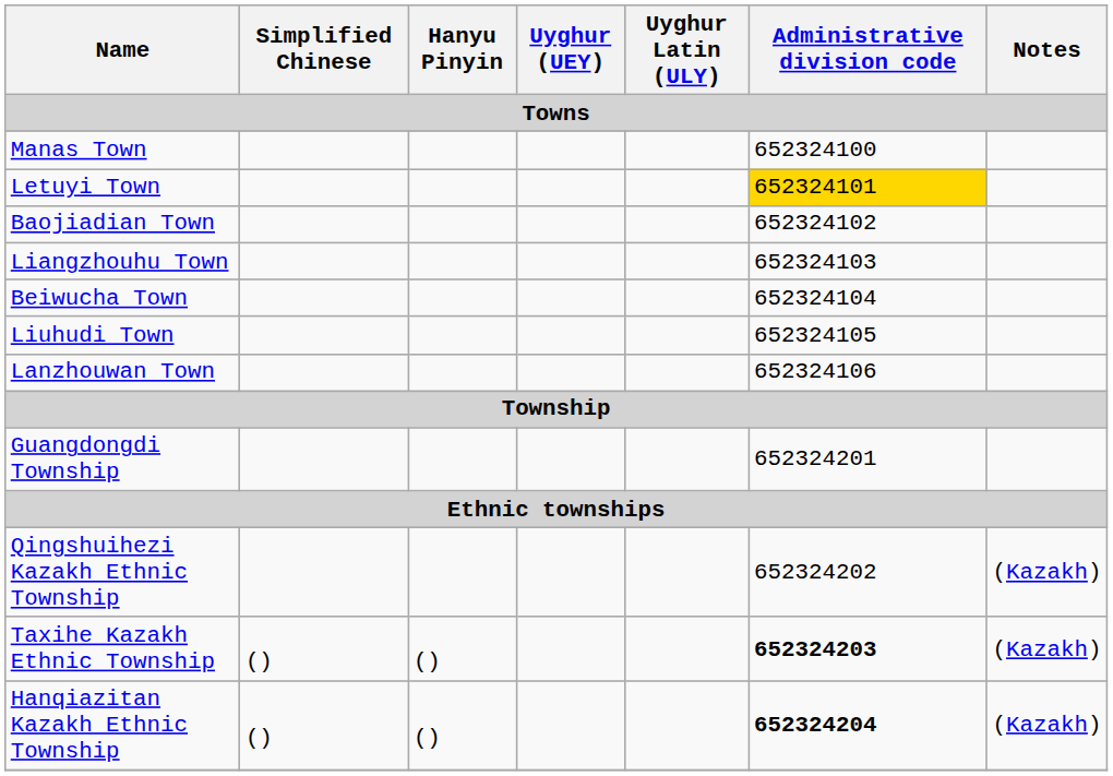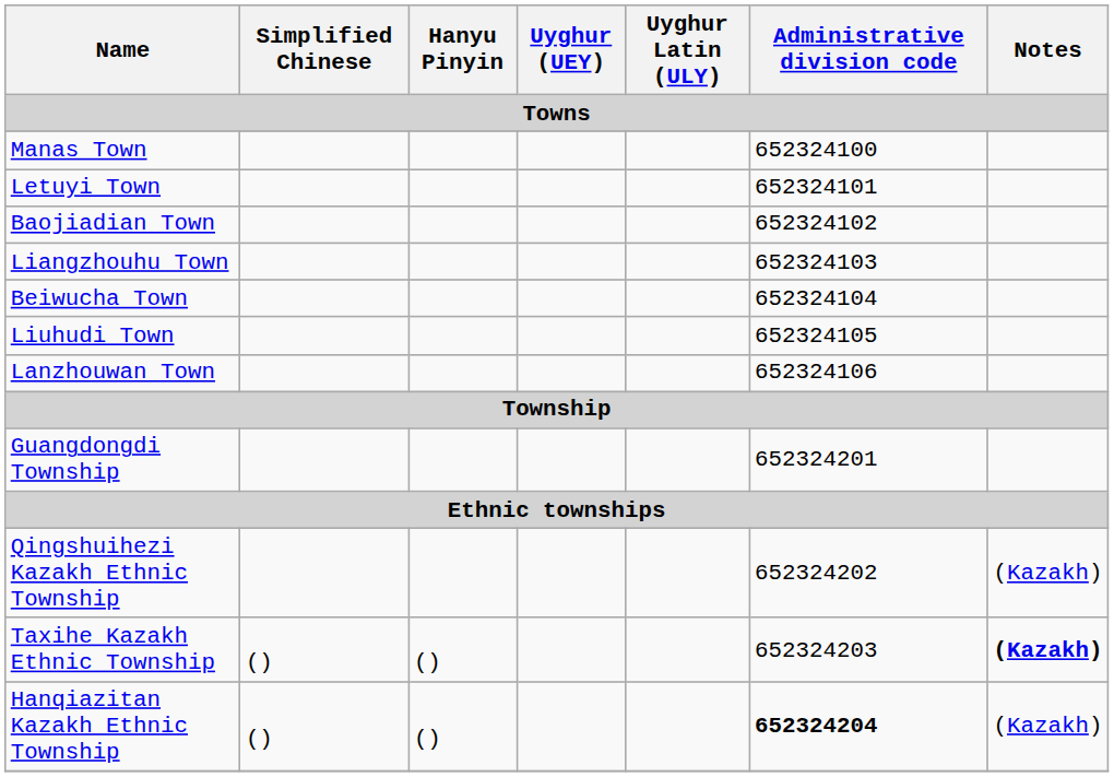 <table class="wikitable" align="center" style="width:50%; border="1">
 <tr>
 <th>Name</th>
 <th>Simplified Chinese</th>
 <th>Hanyu Pinyin</th>
 <th><a href='#'>Uyghur</a> (<a href='#'>UEY</a>)</th>
 <th>Uyghur Latin (<a href='#'>ULY</a>)</th>
 <th><a href='#'>Administrative division code</a></th>
 <th>Notes</th>
 </tr>
 <tr>
 <td colspan="7"  style="text-align:center; background:#d3d3d3;"><strong>Towns</strong></td>
 </tr>
 <tr --------->
 <td><a href='#'>Manas Town</a></td>
 <td></td>
 <td></td>
 <td></td>
 <td></td>
 <td>652324100</td>
 <td></td>
 </tr>
 <tr>
 <td><a href='#'>Letuyi Town</a></td>
 <td></td>
 <td></td>
 <td></td>
 <td></td>
-<td style="background: gold;">652324101</td>
+<td>652324101</td>
 <td></td>
 </tr>
 <tr>
 <td><a href='#'>Baojiadian Town</a></td>
 <td></td>
 <td></td>
 <td></td>
 <td></td>
 <td>652324102</td>
 <td></td>
 </tr>
 <tr>
 <td><a href='#'>Liangzhouhu Town</a></td>
 <td></td>
 <td></td>
 <td></td>
 <td></td>
 <td>652324103</td>
 <td></td>
 </tr>
 <tr>
 <td><a href='#'>Beiwucha Town</a></td>
 <td></td>
 <td></td>
 <td></td>
 <td></td>
 <td>652324104</td>
 <td></td>
 </tr>
 <tr>
 <td><a href='#'>Liuhudi Town</a></td>
 <td></td>
 <td></td>
 <td></td>
 <td></td>
 <td>652324105</td>
 <td></td>
 </tr>
 <tr>
 <td><a href='#'>Lanzhouwan Town</a></td>
 <td></td>
 <td></td>
 <td></td>
 <td></td>
 <td>652324106</td>
 <td></td>
 </tr>
 <tr>
 <td colspan="7"  style="text-align:center; background:#d3d3d3;"><strong>Township</strong></td>
 </tr>
 <tr --------->
 <td><a href='#'>Guangdongdi Township</a></td>
 <td></td>
 <td></td>
 <td></td>
 <td></td>
 <td>652324201</td>
 <td></td>
 </tr>
 <tr>
 <td colspan="7"  style="text-align:center; background:#d3d3d3;"><strong>Ethnic townships</strong></td>
 </tr>
 <tr --------->
 <td><a href='#'>Qingshuihezi Kazakh Ethnic Township</a></td>
 <td></td>
 <td></td>
 <td></td>
 <td></td>
 <td>652324202</td>
 <td>(<a href='#'>Kazakh</a>)<br></td>
 </tr>
 <tr>
 <td><a href='#'>Taxihe Kazakh Ethnic Township</a></td>
 <td><br>()</td>
 <td><br>()</td>
 <td></td>
 <td></td>
-<td><strong>652324203</strong></td>
-<td>(<a href='#'>Kazakh</a>)<br></td>
+<td>652324203</td>
+<td><strong>(<a href='#'>Kazakh</a>)<br></strong></td>
 </tr>
 <tr>
 <td><a href='#'>Hanqiazitan Kazakh Ethnic Township</a></td>
 <td><br>()</td>
 <td><br>()</td>
 <td></td>
 <td></td>
 <td><strong>652324204</strong></td>
 <td>(<a href='#'>Kazakh</a>)<br></td>
 </tr>
 <tr>
 </tr>
 </table>
